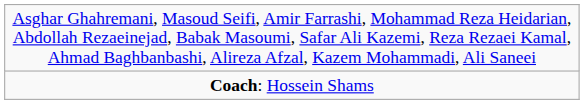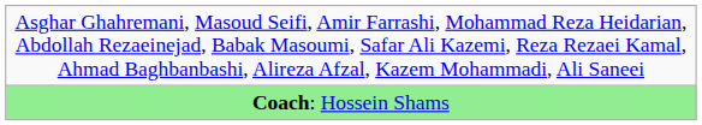 <table class="wikitable" style="text-align:center; width:33em; margin:0.5em auto;">
 <tr>
 <td><a href='#'>Asghar Ghahremani</a>, <a href='#'>Masoud Seifi</a>, <a href='#'>Amir Farrashi</a>, <a href='#'>Mohammad Reza Heidarian</a>, <a href='#'>Abdollah Rezaeinejad</a>, <a href='#'>Babak Masoumi</a>, <a href='#'>Safar Ali Kazemi</a>, <a href='#'>Reza Rezaei Kamal</a>, <a href='#'>Ahmad Baghbanbashi</a>, <a href='#'>Alireza Afzal</a>, <a href='#'>Kazem Mohammadi</a>, <a href='#'>Ali Saneei</a></td>
 </tr>
 <tr>
-<td><strong>Coach</strong>:  <a href='#'>Hossein Shams</a></td>
+<td style="background: lightgreen;"><strong>Coach</strong>:  <a href='#'>Hossein Shams</a></td>
 </tr>
 </table>
